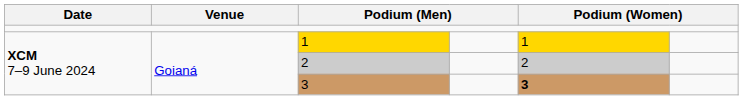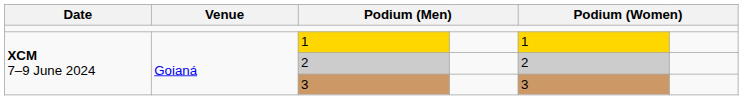 <table class="wikitable" width=70%>
 <tr>
 <th>Date</th>
 <th width=20%>Venue</th>
 <th colspan=2 width=30%>Podium (Men)</th>
 <th colspan=2 width=30%>Podium (Women)</th>
 </tr>
 <tr>
 <td colspan=6></td>
 </tr>
 <tr>
 <td rowspan=3><strong>XCM</strong> <br> 7–9 June 2024</td>
 <td rowspan=3><br><a href='#'>Goianá</a></td>
 <td bgcolor=FFD700>1</td>
 <td></td>
 <td bgcolor=FFD700>1</td>
 <td></td>
 </tr>
 <tr>
 <td bgcolor=CCCCCC>2</td>
 <td></td>
 <td bgcolor=CCCCCC>2</td>
 <td></td>
 </tr>
 <tr>
 <td bgcolor=CC9966>3</td>
 <td></td>
-<td bgcolor=CC9966><strong>3</strong></td>
+<td bgcolor=CC9966>3</td>
 <td></td>
 </tr>
 </table>
